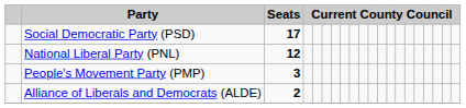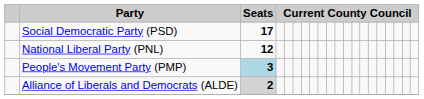 <table class="wikitable" style="margin: auto;">
 <tr>
 <th style="background:#ccc">   </th>
 <th style="background:#ccc">Party</th>
 <th style="background:#ccc">Seats</th>
 <th style="background:#ccc" colspan="17">Current County Council</th>
 </tr>
 <tr>
 <td>  </td>
 <td><a href='#'>Social Democratic Party</a> (PSD)</td>
 <td style="text-align: right"><strong>17</strong></td>
 <td>  </td>
 <td>  </td>
 <td>  </td>
 <td>  </td>
 <td>  </td>
 <td>  </td>
 <td>  </td>
 <td>  </td>
 <td>  </td>
 <td>  </td>
 <td>  </td>
 <td>  </td>
 <td>  </td>
 <td>  </td>
 <td>  </td>
 <td>  </td>
 <td>  </td>
 </tr>
 <tr>
 <td>  </td>
 <td><a href='#'>National Liberal Party</a> (PNL)</td>
 <td style="text-align: right"><strong>12</strong></td>
 <td>  </td>
 <td>  </td>
 <td>  </td>
 <td>  </td>
 <td>  </td>
 <td>  </td>
 <td>  </td>
 <td>  </td>
 <td>  </td>
 <td>  </td>
 <td>  </td>
 <td>  </td>
 <td> </td>
 <td> </td>
 <td> </td>
 <td> </td>
 <td> </td>
 </tr>
 <tr>
 <td>  </td>
 <td><a href='#'>People's Movement Party</a> (PMP)</td>
-<td style="text-align: right"><strong>3</strong></td>
+<td style="background: lightblue; text-align: right"><strong>3</strong></td>
 <td>  </td>
 <td>  </td>
 <td>  </td>
 <td> </td>
 <td> </td>
 <td> </td>
 <td> </td>
 <td> </td>
 <td> </td>
 <td> </td>
 <td> </td>
 <td> </td>
 <td> </td>
 <td> </td>
 <td> </td>
 <td> </td>
 <td> </td>
 </tr>
 <tr>
 <td>  </td>
 <td><a href='#'>Alliance of Liberals and Democrats</a> (ALDE)</td>
-<td style="text-align: right"><strong>2</strong></td>
+<td style="background: lightgrey; text-align: right"><strong>2</strong></td>
 <td>  </td>
 <td>  </td>
 <td> </td>
 <td> </td>
 <td> </td>
 <td> </td>
 <td> </td>
 <td> </td>
 <td> </td>
 <td> </td>
 <td> </td>
 <td> </td>
 <td> </td>
 <td> </td>
 <td> </td>
 <td> </td>
 <td> </td>
 </tr>
 <tr>
 </tr>
 </table>
